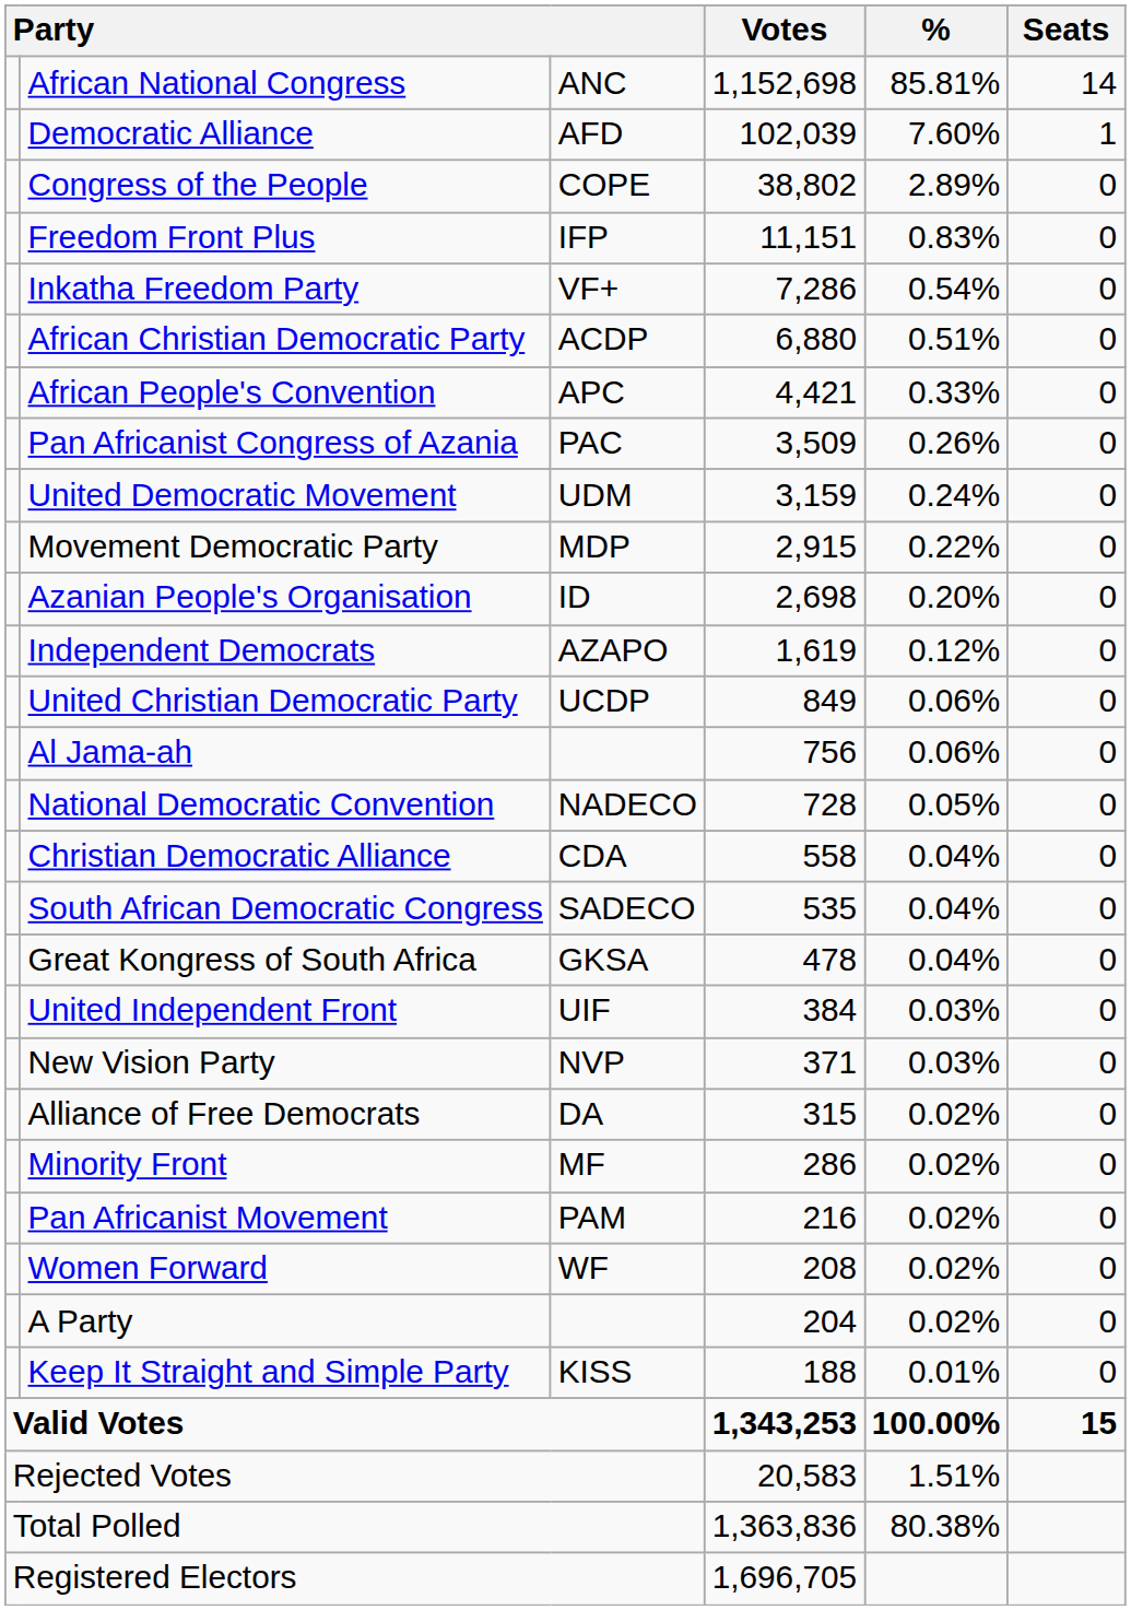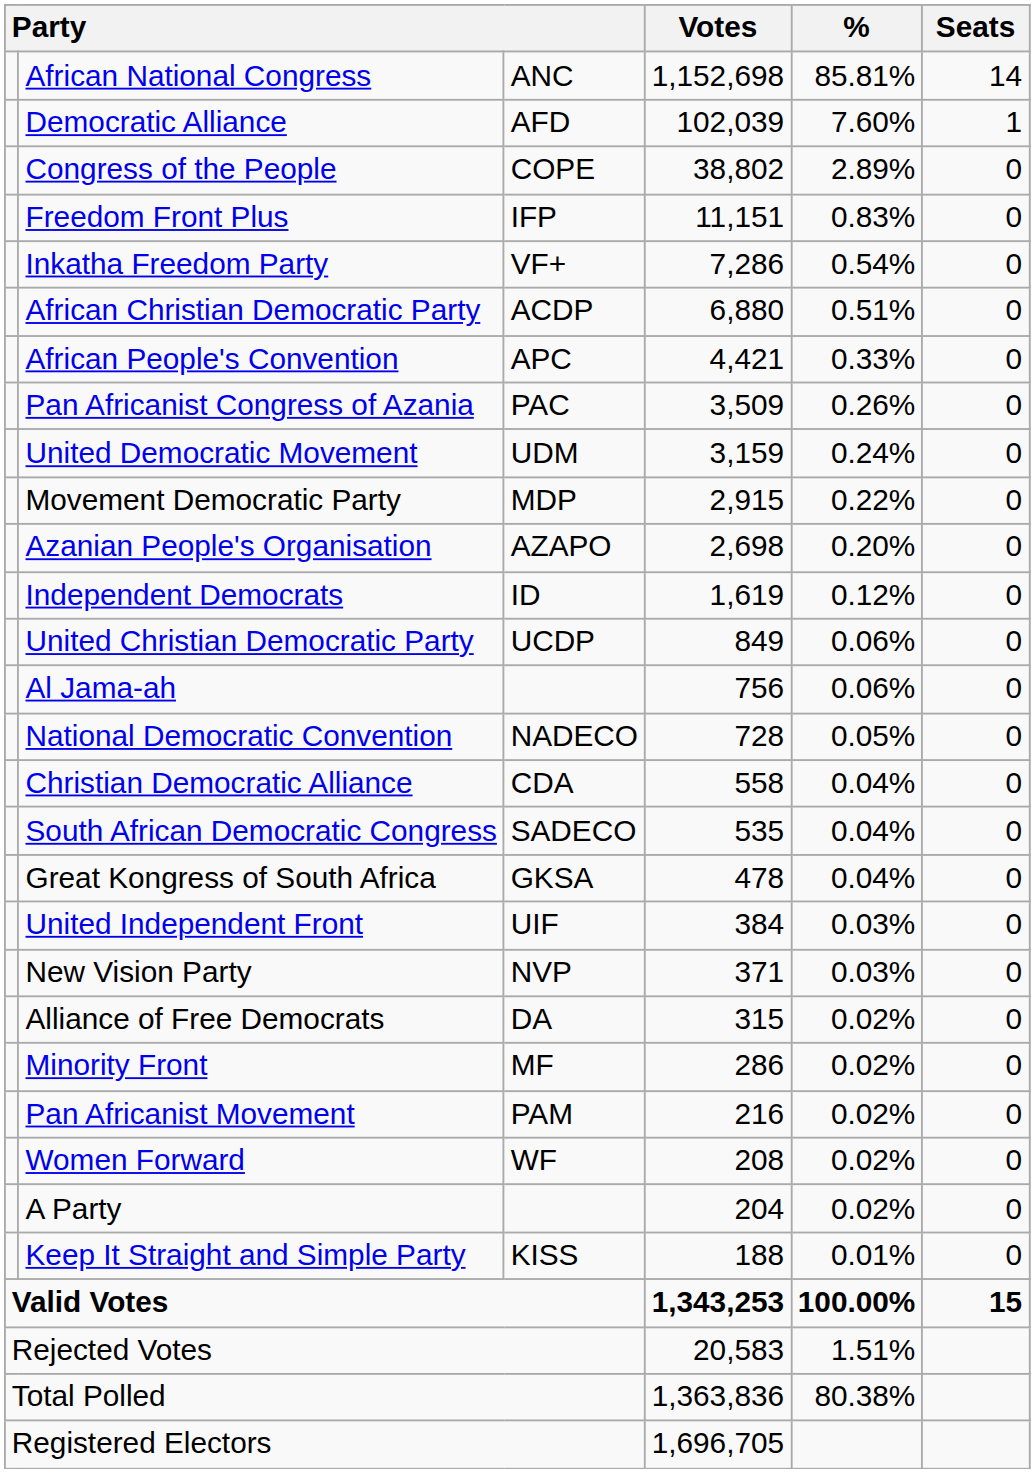 <table class="wikitable" border="1" style="text-align:right;">
 <tr>
 <th style="text-align:left;" colspan=3>Party</th>
 <th align=center width="50">Votes</th>
 <th align=center width="50">%</th>
 <th align=center width="50">Seats</th>
 </tr>
 <tr>
 <td style="background:"></td>
 <td align=left><a href='#'>African National Congress</a></td>
 <td align=left>ANC</td>
 <td>1,152,698</td>
 <td>85.81%</td>
 <td>14</td>
 </tr>
 <tr>
 <td style="background:"></td>
 <td align=left><a href='#'>Democratic Alliance</a></td>
 <td align=left>AFD</td>
 <td>102,039</td>
 <td>7.60%</td>
 <td>1</td>
 </tr>
 <tr>
 <td style="background:"></td>
 <td align=left><a href='#'>Congress of the People</a></td>
 <td align=left>COPE</td>
 <td>38,802</td>
 <td>2.89%</td>
 <td>0</td>
 </tr>
 <tr>
 <td style="background:"></td>
 <td align=left><a href='#'>Freedom Front Plus</a></td>
 <td align=left>IFP</td>
 <td>11,151</td>
 <td>0.83%</td>
 <td>0</td>
 </tr>
 <tr>
 <td style="background:"></td>
 <td align=left><a href='#'>Inkatha Freedom Party</a></td>
 <td align=left>VF+</td>
 <td>7,286</td>
 <td>0.54%</td>
 <td>0</td>
 </tr>
 <tr>
 <td style="background:"></td>
 <td align=left><a href='#'>African Christian Democratic Party</a></td>
 <td align=left>ACDP</td>
 <td>6,880</td>
 <td>0.51%</td>
 <td>0</td>
 </tr>
 <tr>
 <td style="background:"></td>
 <td align=left><a href='#'>African People's Convention</a></td>
 <td align=left>APC</td>
 <td>4,421</td>
 <td>0.33%</td>
 <td>0</td>
 </tr>
 <tr>
 <td style="background:"></td>
 <td align=left><a href='#'>Pan Africanist Congress of Azania</a></td>
 <td align=left>PAC</td>
 <td>3,509</td>
 <td>0.26%</td>
 <td>0</td>
 </tr>
 <tr>
 <td style="background:"></td>
 <td align=left><a href='#'>United Democratic Movement</a></td>
 <td align=left>UDM</td>
 <td>3,159</td>
 <td>0.24%</td>
 <td>0</td>
 </tr>
 <tr>
 <td></td>
 <td align=left>Movement Democratic Party</td>
 <td align=left>MDP</td>
 <td>2,915</td>
 <td>0.22%</td>
 <td>0</td>
 </tr>
 <tr>
 <td style="background:"></td>
 <td align=left><a href='#'>Azanian People's Organisation</a></td>
-<td align=left>ID</td>
+<td align=left>AZAPO</td>
 <td>2,698</td>
 <td>0.20%</td>
 <td>0</td>
 </tr>
 <tr>
 <td style="background:"></td>
 <td align=left><a href='#'>Independent Democrats</a></td>
-<td align=left>AZAPO</td>
+<td align=left>ID</td>
 <td>1,619</td>
 <td>0.12%</td>
 <td>0</td>
 </tr>
 <tr>
 <td style="background:"></td>
 <td align=left><a href='#'>United Christian Democratic Party</a></td>
 <td align=left>UCDP</td>
 <td>849</td>
 <td>0.06%</td>
 <td>0</td>
 </tr>
 <tr>
 <td style="background:"></td>
 <td align=left><a href='#'>Al Jama-ah</a></td>
 <td align=left></td>
 <td>756</td>
 <td>0.06%</td>
 <td>0</td>
 </tr>
 <tr>
 <td style="background:"></td>
 <td align=left><a href='#'>National Democratic Convention</a></td>
 <td align=left>NADECO</td>
 <td>728</td>
 <td>0.05%</td>
 <td>0</td>
 </tr>
 <tr>
 <td style="background:"></td>
 <td align=left><a href='#'>Christian Democratic Alliance</a></td>
 <td align=left>CDA</td>
 <td>558</td>
 <td>0.04%</td>
 <td>0</td>
 </tr>
 <tr>
 <td></td>
 <td align=left><a href='#'>South African Democratic Congress</a></td>
 <td align=left>SADECO</td>
 <td>535</td>
 <td>0.04%</td>
 <td>0</td>
 </tr>
 <tr>
 <td></td>
 <td align=left>Great Kongress of South Africa</td>
 <td align=left>GKSA</td>
 <td>478</td>
 <td>0.04%</td>
 <td>0</td>
 </tr>
 <tr>
 <td style="background:"></td>
 <td align=left><a href='#'>United Independent Front</a></td>
 <td align=left>UIF</td>
 <td>384</td>
 <td>0.03%</td>
 <td>0</td>
 </tr>
 <tr>
 <td></td>
 <td align=left>New Vision Party</td>
 <td align=left>NVP</td>
 <td>371</td>
 <td>0.03%</td>
 <td>0</td>
 </tr>
 <tr>
 <td></td>
 <td align=left>Alliance of Free Democrats</td>
 <td align=left>DA</td>
 <td>315</td>
 <td>0.02%</td>
 <td>0</td>
 </tr>
 <tr>
 <td style="background:"></td>
 <td align=left><a href='#'>Minority Front</a></td>
 <td align=left>MF</td>
 <td>286</td>
 <td>0.02%</td>
 <td>0</td>
 </tr>
 <tr>
 <td style="background:"></td>
 <td align=left><a href='#'>Pan Africanist Movement</a></td>
 <td align=left>PAM</td>
 <td>216</td>
 <td>0.02%</td>
 <td>0</td>
 </tr>
 <tr>
 <td style="background:"></td>
 <td align=left><a href='#'>Women Forward</a></td>
 <td align=left>WF</td>
 <td>208</td>
 <td>0.02%</td>
 <td>0</td>
 </tr>
 <tr>
 <td></td>
 <td align=left>A Party</td>
 <td align=left></td>
 <td>204</td>
 <td>0.02%</td>
 <td>0</td>
 </tr>
 <tr>
 <td style="background:"></td>
 <td align=left><a href='#'>Keep It Straight and Simple Party</a></td>
 <td align=left>KISS</td>
 <td>188</td>
 <td>0.01%</td>
 <td>0</td>
 </tr>
 <tr style="font-weight:bold">
 <td align=left colspan=3>Valid Votes</td>
 <td>1,343,253</td>
 <td>100.00%</td>
 <td>15</td>
 </tr>
 <tr>
 <td align=left colspan=3>Rejected Votes</td>
 <td>20,583</td>
 <td>1.51%</td>
 <td></td>
 </tr>
 <tr>
 <td align=left colspan=3>Total Polled</td>
 <td>1,363,836</td>
 <td>80.38%</td>
 <td></td>
 </tr>
 <tr>
 <td align=left colspan=3>Registered Electors</td>
 <td>1,696,705</td>
 <td></td>
 <td></td>
 </tr>
 </table>
